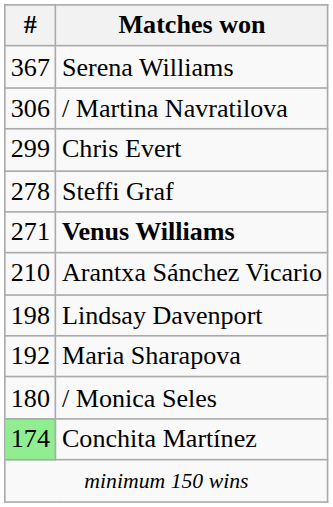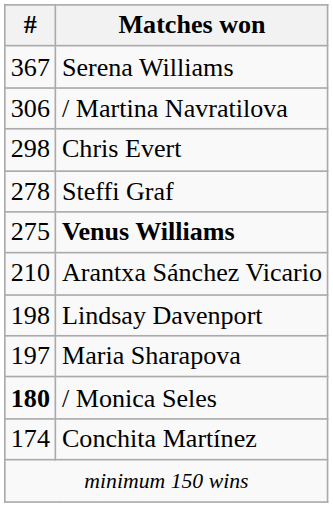 <table class="wikitable" style="display:inline-table;">
 <tr>
 <th>#</th>
 <th>Matches won</th>
 </tr>
 <tr>
 <td>367</td>
 <td> Serena Williams</td>
 </tr>
 <tr>
 <td>306</td>
 <td>/ Martina Navratilova</td>
 </tr>
 <tr>
-<td>299</td>
+<td>298</td>
 <td> Chris Evert</td>
 </tr>
 <tr>
 <td>278</td>
 <td> Steffi Graf</td>
 </tr>
 <tr>
-<td>271</td>
+<td>275</td>
 <td> <strong>Venus Williams</strong></td>
 </tr>
 <tr>
 <td>210</td>
 <td> Arantxa Sánchez Vicario</td>
 </tr>
 <tr>
 <td>198</td>
 <td> Lindsay Davenport</td>
 </tr>
 <tr>
-<td>192</td>
+<td>197</td>
 <td> Maria Sharapova</td>
 </tr>
 <tr>
-<td>180</td>
+<td><strong>180</strong></td>
 <td>/ Monica Seles</td>
 </tr>
 <tr>
-<td style="background: lightgreen;">174</td>
+<td>174</td>
 <td> Conchita Martínez</td>
 </tr>
 <tr>
 <td colspan="4" style="text-align: center;"><small><em>minimum 150 wins</em></small></td>
 </tr>
 </table>
